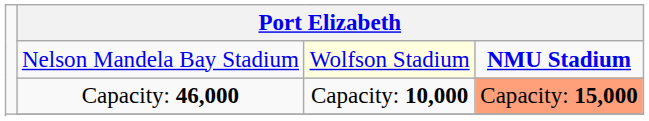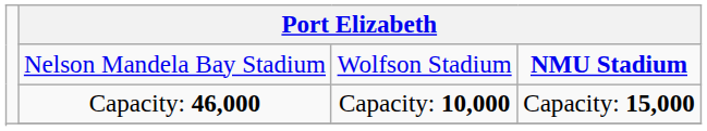 <table class="wikitable" style="text-align:center; margin:0.2em auto;">
 <tr>
 <td rowspan="4"></td>
 <th colspan="3"><a href='#'>Port Elizabeth</a></th>
 </tr>
 <tr>
 <td><a href='#'>Nelson Mandela Bay Stadium</a></td>
-<td style="background: lightyellow;"><a href='#'>Wolfson Stadium</a></td>
+<td><a href='#'>Wolfson Stadium</a></td>
 <td><strong><a href='#'>NMU Stadium</a></strong></td>
 </tr>
 <tr>
 <td>Capacity: <strong>46,000</strong></td>
 <td>Capacity: <strong>10,000</strong></td>
-<td style="background: lightsalmon;">Capacity: <strong>15,000</strong></td>
+<td>Capacity: <strong>15,000</strong></td>
 </tr>
 <tr>
 </tr>
 </table>
